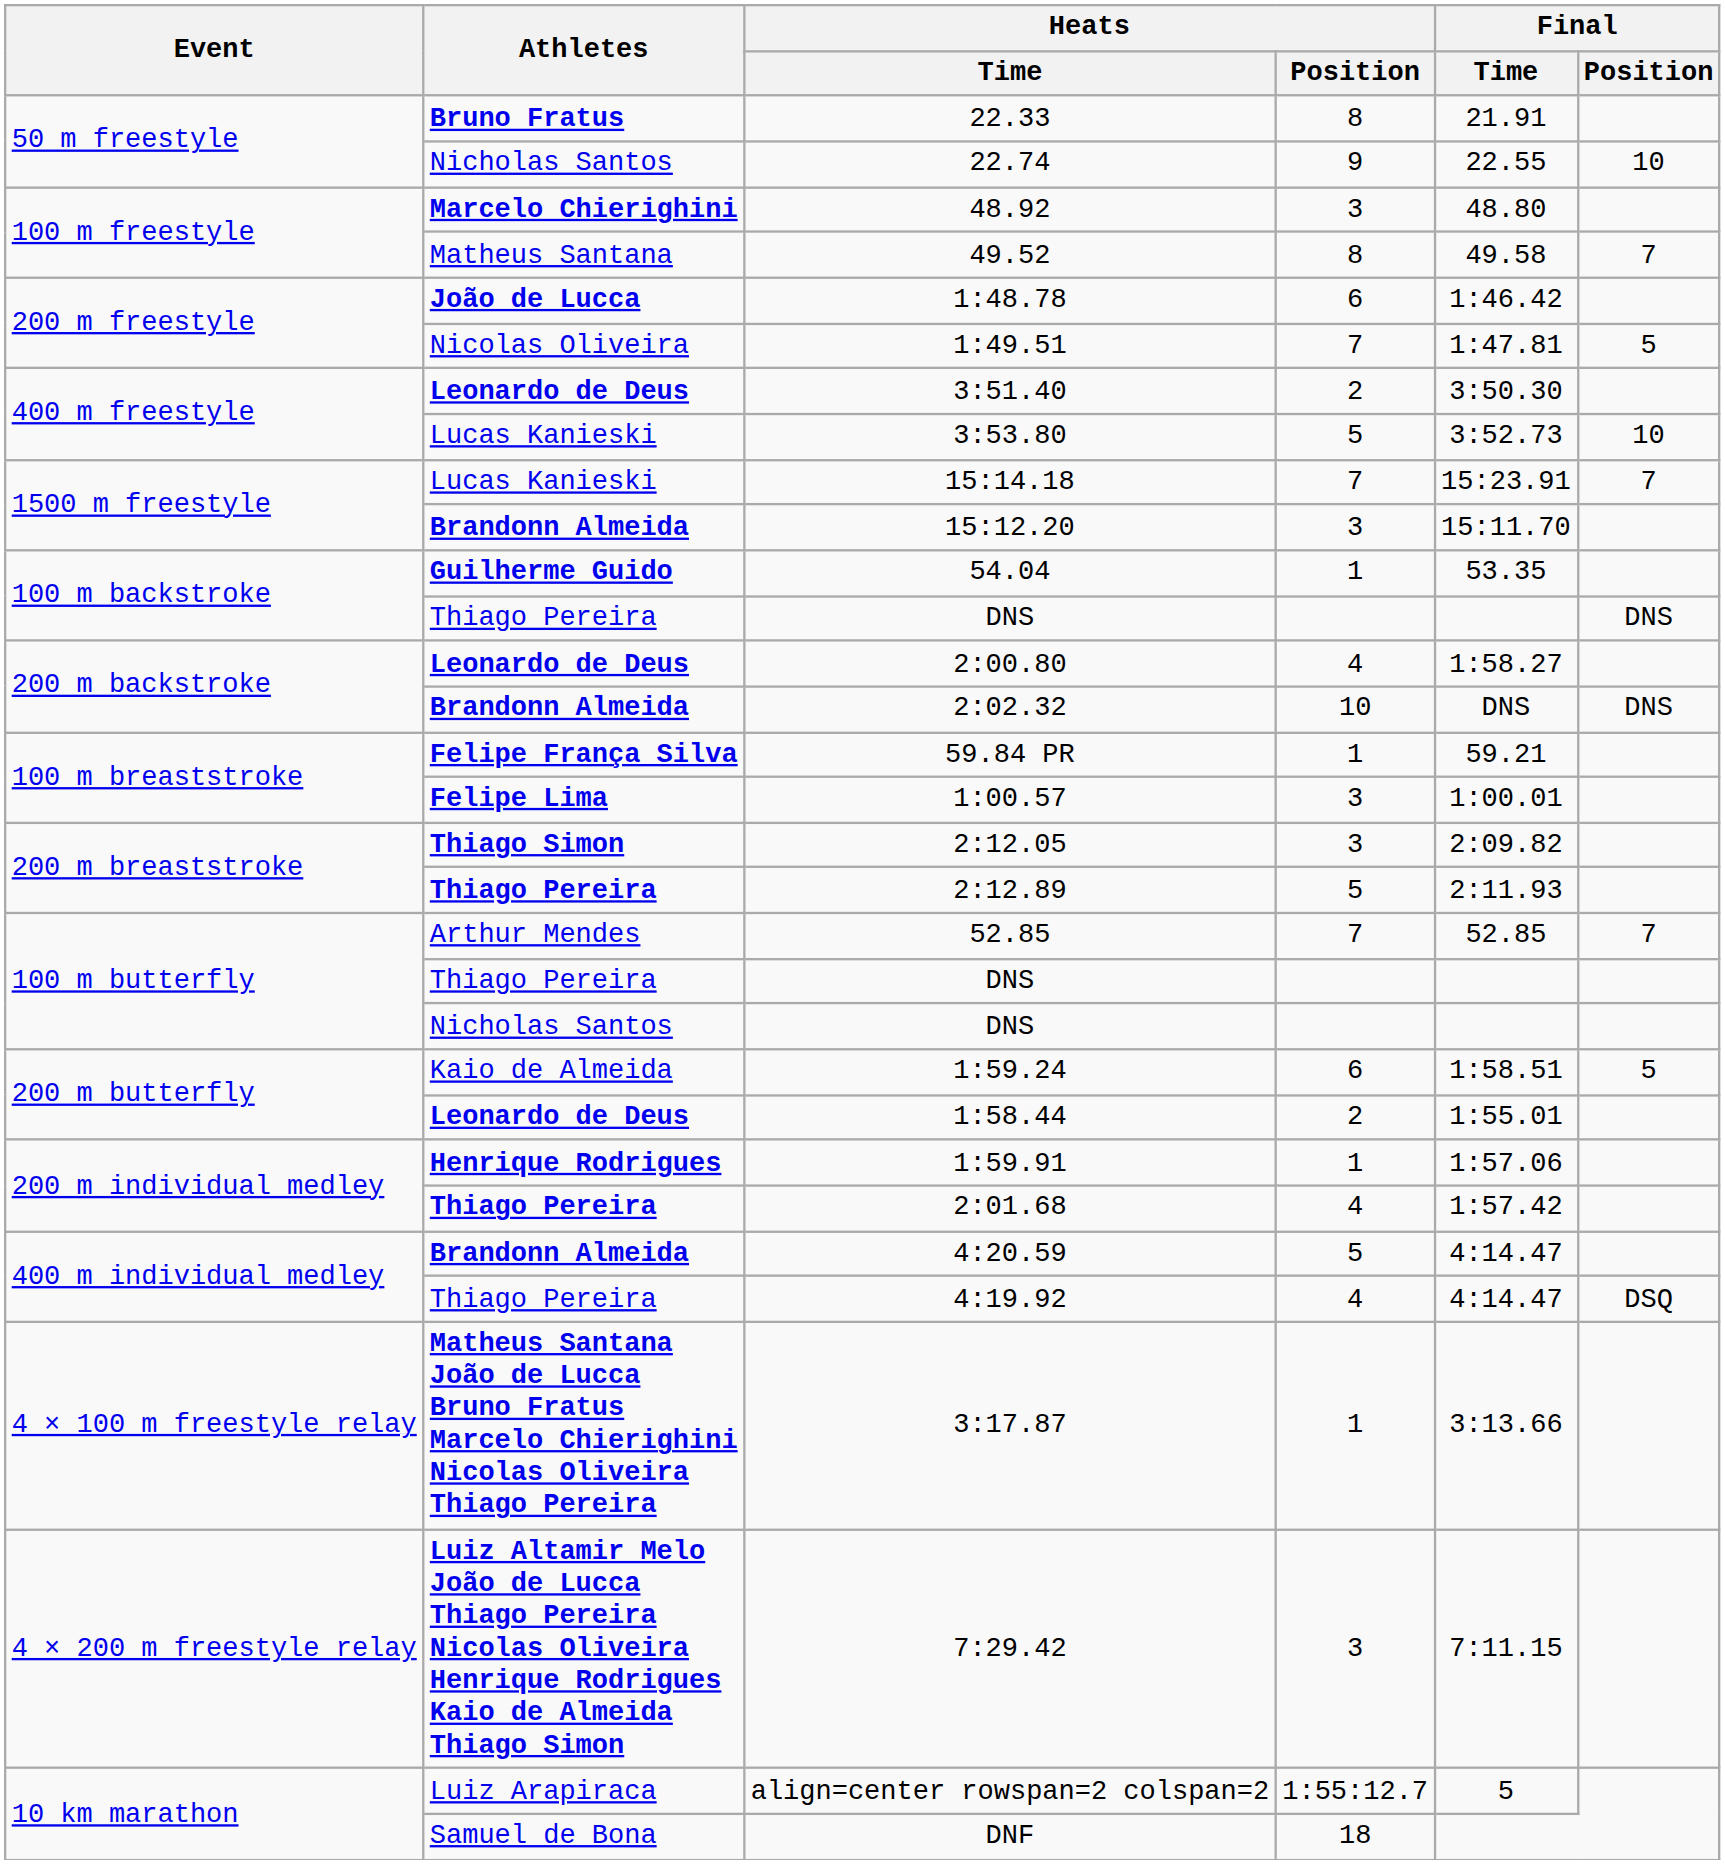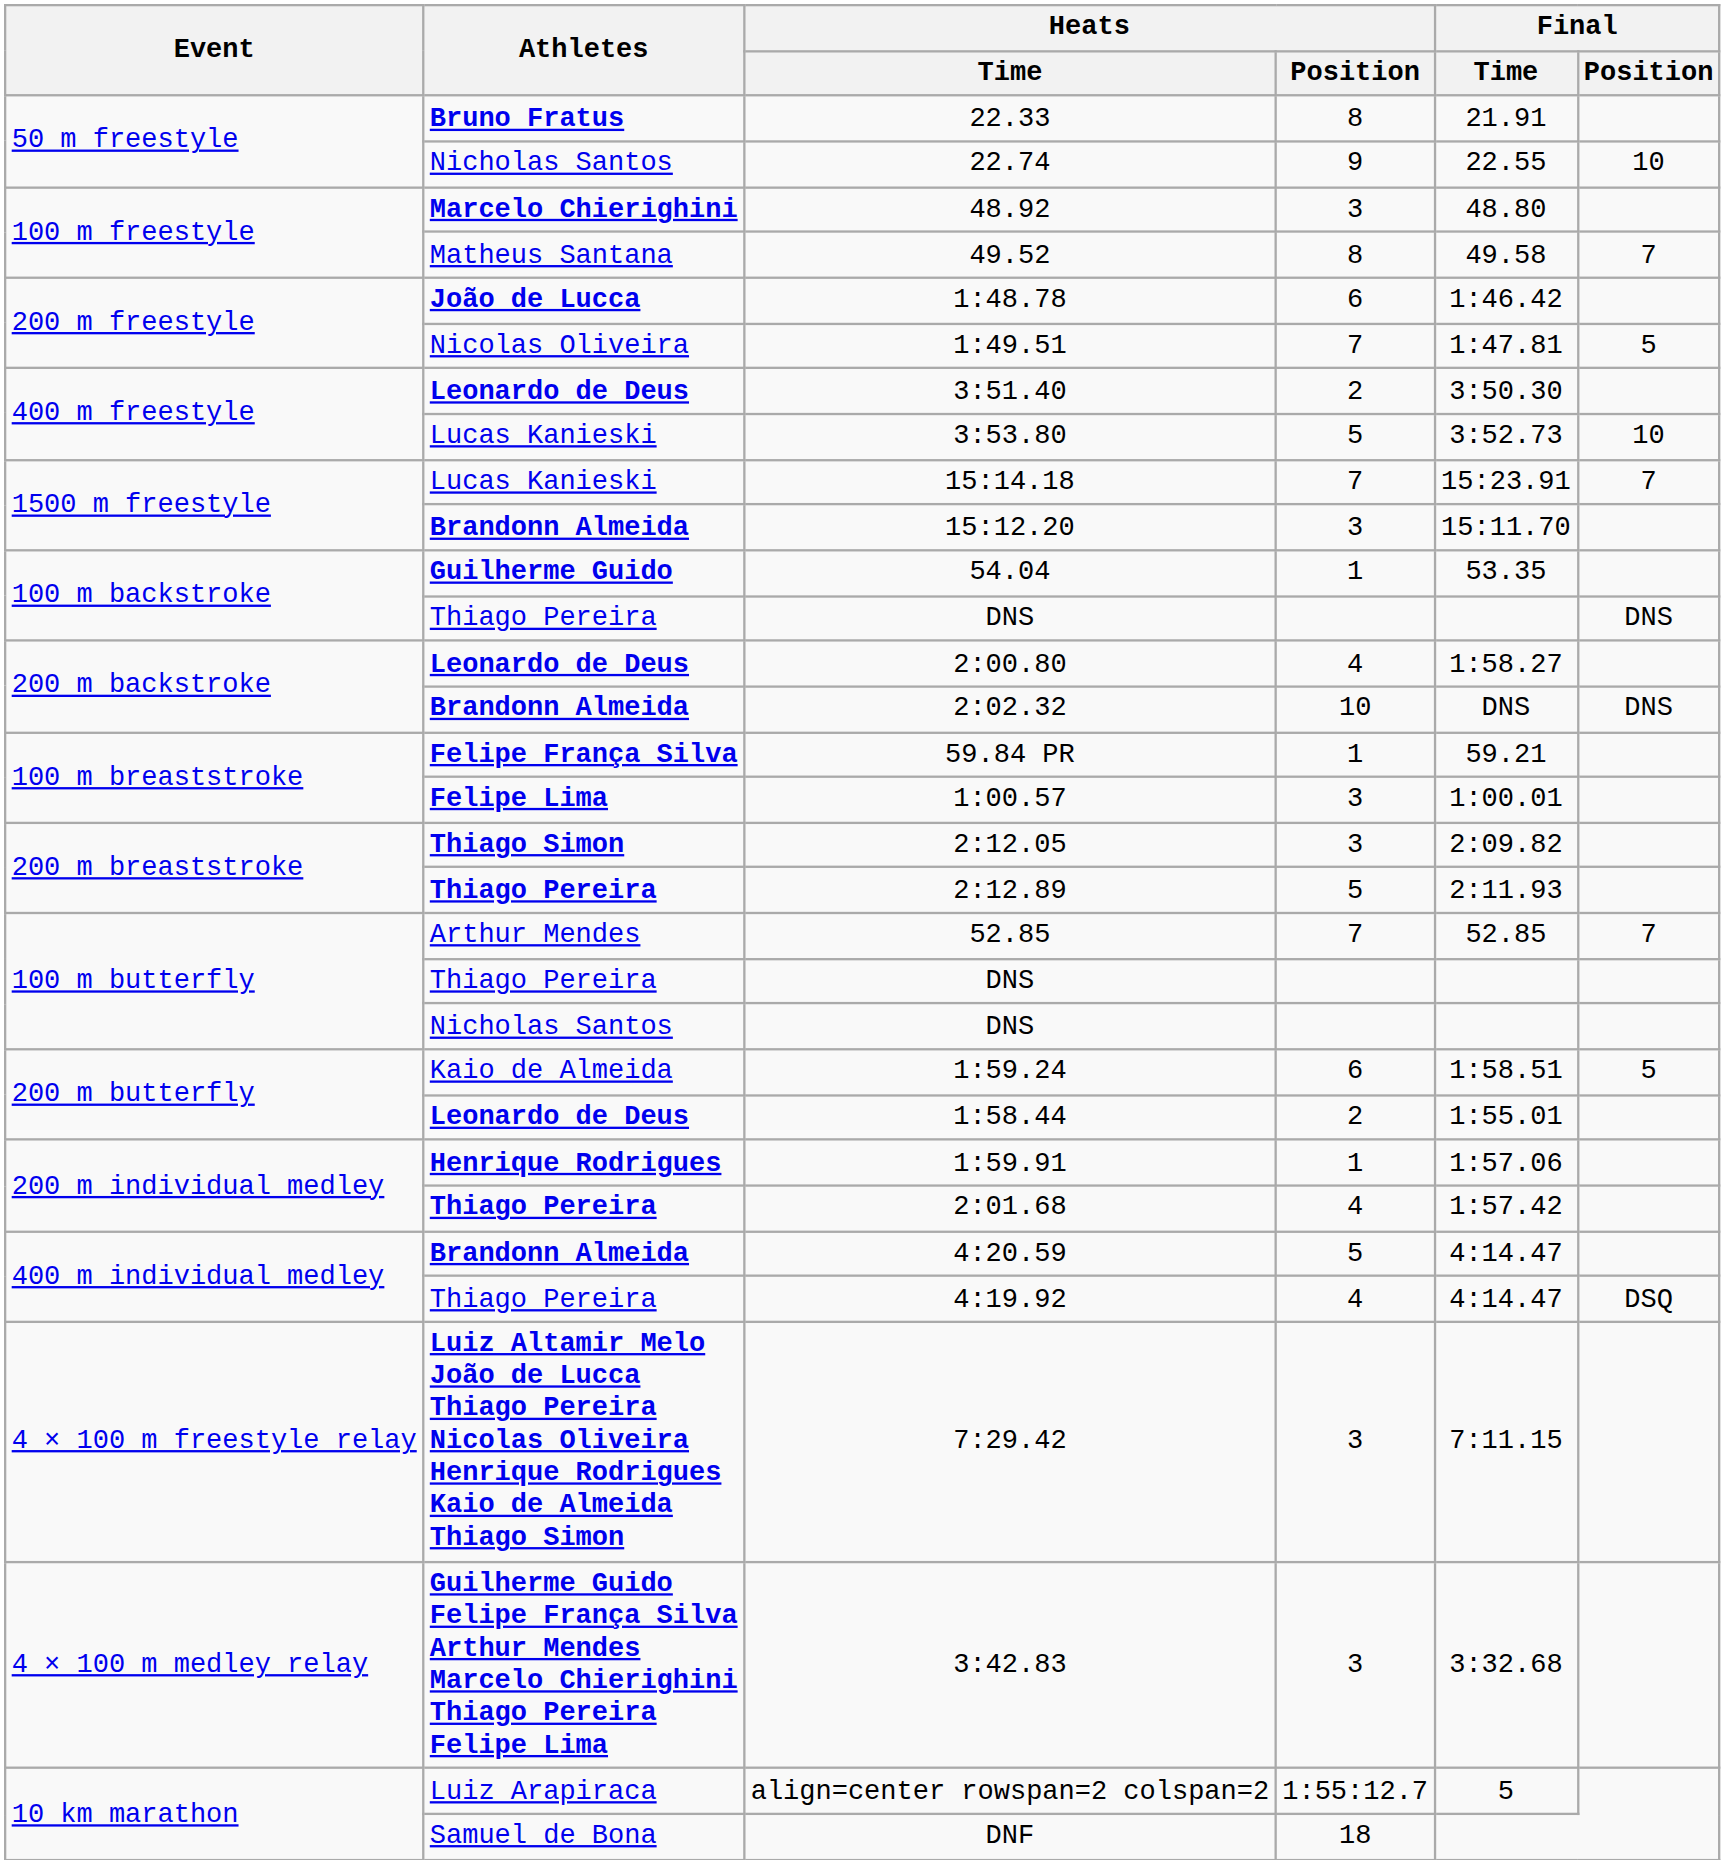 <table class="wikitable" style="font-size:90%">
 <tr>
 <th rowspan=2>Event</th>
 <th rowspan=2>Athletes</th>
 <th colspan=2>Heats</th>
 <th colspan=2>Final</th>
 </tr>
 <tr>
 <th>Time</th>
 <th>Position</th>
 <th>Time</th>
 <th>Position</th>
 </tr>
 <tr>
 <td rowspan=2><a href='#'>50 m freestyle</a></td>
 <td><strong><a href='#'>Bruno Fratus</a></strong></td>
 <td align=center>22.33</td>
 <td align=center>8</td>
 <td align=center>21.91</td>
 <td align=center></td>
 </tr>
 <tr>
 <td><a href='#'>Nicholas Santos</a></td>
 <td align=center>22.74</td>
 <td align=center>9</td>
 <td align=center>22.55</td>
 <td align=center>10</td>
 </tr>
 <tr>
 <td rowspan=2><a href='#'>100 m freestyle</a></td>
 <td><strong><a href='#'>Marcelo Chierighini</a></strong></td>
 <td align=center>48.92</td>
 <td align=center>3</td>
 <td align=center>48.80</td>
 <td align=center></td>
 </tr>
 <tr>
 <td><a href='#'>Matheus Santana</a></td>
 <td align=center>49.52</td>
 <td align=center>8</td>
 <td align=center>49.58</td>
 <td align=center>7</td>
 </tr>
 <tr>
 <td rowspan=2><a href='#'>200 m freestyle</a></td>
 <td><strong><a href='#'>João de Lucca</a></strong></td>
 <td align=center>1:48.78</td>
 <td align=center>6</td>
 <td align=center>1:46.42</td>
 <td align=center></td>
 </tr>
 <tr>
 <td><a href='#'>Nicolas Oliveira</a></td>
 <td align=center>1:49.51</td>
 <td align=center>7</td>
 <td align=center>1:47.81</td>
 <td align=center>5</td>
 </tr>
 <tr>
 <td rowspan=2><a href='#'>400 m freestyle</a></td>
 <td><strong><a href='#'>Leonardo de Deus</a></strong></td>
 <td align=center>3:51.40</td>
 <td align=center>2</td>
 <td align=center>3:50.30</td>
 <td align=center></td>
 </tr>
 <tr>
 <td><a href='#'>Lucas Kanieski</a></td>
 <td align=center>3:53.80</td>
 <td align=center>5</td>
 <td align=center>3:52.73</td>
 <td align=center>10</td>
 </tr>
 <tr>
 <td rowspan=2><a href='#'>1500 m freestyle</a></td>
 <td><a href='#'>Lucas Kanieski</a></td>
 <td align=center>15:14.18</td>
 <td align=center>7</td>
 <td align=center>15:23.91</td>
 <td align=center>7</td>
 </tr>
 <tr>
 <td><strong><a href='#'>Brandonn Almeida</a></strong></td>
 <td align=center>15:12.20</td>
 <td align=center>3</td>
 <td align=center>15:11.70</td>
 <td align=center></td>
 </tr>
 <tr>
 <td rowspan=2><a href='#'>100 m backstroke</a></td>
 <td><strong><a href='#'>Guilherme Guido</a></strong></td>
 <td align=center>54.04</td>
 <td align=center>1</td>
 <td align=center>53.35</td>
 <td align=center></td>
 </tr>
 <tr>
 <td><a href='#'>Thiago Pereira</a></td>
 <td align=center>DNS</td>
 <td align=center></td>
 <td align=center></td>
 <td align=center>DNS</td>
 </tr>
 <tr>
 <td rowspan=2><a href='#'>200 m backstroke</a></td>
 <td><strong><a href='#'>Leonardo de Deus</a></strong></td>
 <td align=center>2:00.80</td>
 <td align=center>4</td>
 <td align=center>1:58.27</td>
 <td align=center></td>
 </tr>
 <tr>
 <td><strong><a href='#'>Brandonn Almeida</a></strong></td>
 <td align=center>2:02.32</td>
 <td align=center>10</td>
 <td align=center>DNS</td>
 <td align=center>DNS</td>
 </tr>
 <tr>
 <td rowspan=2><a href='#'>100 m breaststroke</a></td>
 <td><strong><a href='#'>Felipe França Silva</a></strong></td>
 <td align=center>59.84 PR</td>
 <td align=center>1</td>
 <td align=center>59.21</td>
 <td align=center></td>
 </tr>
 <tr>
 <td><strong><a href='#'>Felipe Lima</a></strong></td>
 <td align=center>1:00.57</td>
 <td align=center>3</td>
 <td align=center>1:00.01</td>
 <td align=center></td>
 </tr>
 <tr>
 <td rowspan=2><a href='#'>200 m breaststroke</a></td>
 <td><strong><a href='#'>Thiago Simon</a></strong></td>
 <td align=center>2:12.05</td>
 <td align=center>3</td>
 <td align=center>2:09.82</td>
 <td align=center></td>
 </tr>
 <tr>
 <td><strong><a href='#'>Thiago Pereira</a></strong></td>
 <td align=center>2:12.89</td>
 <td align=center>5</td>
 <td align=center>2:11.93</td>
 <td align=center></td>
 </tr>
 <tr>
 <td rowspan=3><a href='#'>100 m butterfly</a></td>
 <td><a href='#'>Arthur Mendes</a></td>
 <td align=center>52.85</td>
 <td align=center>7</td>
 <td align=center>52.85</td>
 <td align=center>7</td>
 </tr>
 <tr>
 <td><a href='#'>Thiago Pereira</a></td>
 <td align=center>DNS</td>
 <td align=center></td>
 <td align=center></td>
 <td align=center></td>
 </tr>
 <tr>
 <td><a href='#'>Nicholas Santos</a></td>
 <td align=center>DNS</td>
 <td align=center></td>
 <td align=center></td>
 <td align=center></td>
 </tr>
 <tr>
 <td rowspan=2><a href='#'>200 m butterfly</a></td>
 <td><a href='#'>Kaio de Almeida</a></td>
 <td align=center>1:59.24</td>
 <td align=center>6</td>
 <td align=center>1:58.51</td>
 <td align=center>5</td>
 </tr>
 <tr>
 <td><strong><a href='#'>Leonardo de Deus</a></strong></td>
 <td align=center>1:58.44</td>
 <td align=center>2</td>
 <td align=center>1:55.01</td>
 <td align=center></td>
 </tr>
 <tr>
 <td rowspan=2><a href='#'>200 m individual medley</a></td>
 <td><strong><a href='#'>Henrique Rodrigues</a></strong></td>
 <td align=center>1:59.91</td>
 <td align=center>1</td>
 <td align=center>1:57.06</td>
 <td align=center></td>
 </tr>
 <tr>
 <td><strong><a href='#'>Thiago Pereira</a></strong></td>
 <td align=center>2:01.68</td>
 <td align=center>4</td>
 <td align=center>1:57.42</td>
 <td align=center></td>
 </tr>
 <tr>
 <td rowspan=2><a href='#'>400 m individual medley</a></td>
 <td><strong><a href='#'>Brandonn Almeida</a></strong></td>
 <td align=center>4:20.59</td>
 <td align=center>5</td>
 <td align=center>4:14.47</td>
 <td align=center></td>
 </tr>
 <tr>
 <td><a href='#'>Thiago Pereira</a></td>
 <td align=center>4:19.92</td>
 <td align=center>4</td>
 <td align=center>4:14.47</td>
 <td align=center>DSQ</td>
 </tr>
 <tr>
 <td><a href='#'>4 × 100 m freestyle relay</a></td>
-<td><strong><a href='#'>Matheus Santana</a></strong><br><strong><a href='#'>João de Lucca</a></strong><br><strong><a href='#'>Bruno Fratus</a></strong><br><strong><a href='#'>Marcelo Chierighini</a></strong><br><strong><a href='#'>Nicolas Oliveira</a></strong><br><strong><a href='#'>Thiago Pereira</a></strong></td>
-<td align=center>3:17.87</td>
-<td align=center>1</td>
-<td align=center>3:13.66</td>
-<td align=center></td>
-</tr>
-<tr>
-<td><a href='#'>4 × 200 m freestyle relay</a></td>
 <td><strong><a href='#'>Luiz Altamir Melo</a></strong><br><strong><a href='#'>João de Lucca</a></strong><br><strong><a href='#'>Thiago Pereira</a></strong><br><strong><a href='#'>Nicolas Oliveira</a></strong><br><strong><a href='#'>Henrique Rodrigues</a></strong><br><strong><a href='#'>Kaio de Almeida</a></strong><br><strong><a href='#'>Thiago Simon</a></strong></td>
 <td align=center>7:29.42</td>
 <td align=center>3</td>
 <td align=center>7:11.15</td>
+<td align=center></td>
+</tr>
+<tr>
+<td><a href='#'>4 × 100 m medley relay</a></td>
+<td><strong><a href='#'>Guilherme Guido</a></strong><br><strong><a href='#'>Felipe França Silva</a></strong><br><strong><a href='#'>Arthur Mendes</a></strong><br><strong><a href='#'>Marcelo Chierighini</a></strong><br><strong><a href='#'>Thiago Pereira</a></strong><br><strong><a href='#'>Felipe Lima</a></strong></td>
+<td align=center>3:42.83</td>
+<td align=center>3</td>
+<td align=center>3:32.68</td>
 <td align=center></td>
 </tr>
 <tr>
 <td rowspan=2><a href='#'>10 km marathon</a></td>
 <td><a href='#'>Luiz Arapiraca</a></td>
 <td>align=center rowspan=2 colspan=2 </td>
 <td align=center>1:55:12.7</td>
 <td align=center>5</td>
 </tr>
 <tr>
 <td><a href='#'>Samuel de Bona</a></td>
 <td align=center>DNF</td>
 <td align=center>18</td>
 </tr>
 </table>
